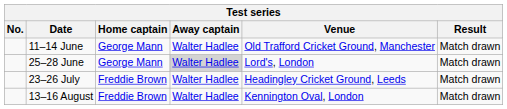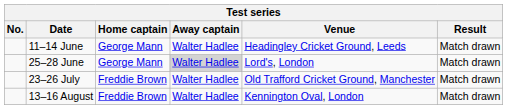 <table class="wikitable">
 <tr>
 <th colspan="9">Test series</th>
 </tr>
 <tr>
 <th>No.</th>
 <th>Date</th>
 <th>Home captain</th>
 <th>Away captain</th>
 <th>Venue</th>
 <th>Result</th>
 </tr>
 <tr>
 <td></td>
 <td>11–14 June</td>
 <td><a href='#'>George Mann</a></td>
 <td><a href='#'>Walter Hadlee</a></td>
-<td><a href='#'>Old Trafford Cricket Ground</a>, <a href='#'>Manchester</a></td>
+<td><a href='#'>Headingley Cricket Ground</a>, <a href='#'>Leeds</a></td>
 <td>Match drawn</td>
 </tr>
 <tr>
 <td></td>
 <td>25–28 June</td>
 <td><a href='#'>George Mann</a></td>
 <td style="background: lightgrey;"><a href='#'>Walter Hadlee</a></td>
 <td><a href='#'>Lord's</a>, <a href='#'>London</a></td>
 <td>Match drawn</td>
 </tr>
 <tr>
 <td></td>
 <td>23–26 July</td>
 <td><a href='#'>Freddie Brown</a></td>
 <td><a href='#'>Walter Hadlee</a></td>
-<td><a href='#'>Headingley Cricket Ground</a>, <a href='#'>Leeds</a></td>
+<td><a href='#'>Old Trafford Cricket Ground</a>, <a href='#'>Manchester</a></td>
 <td>Match drawn</td>
 </tr>
 <tr>
 <td></td>
 <td>13–16 August</td>
 <td><a href='#'>Freddie Brown</a></td>
 <td><a href='#'>Walter Hadlee</a></td>
 <td><a href='#'>Kennington Oval</a>, <a href='#'>London</a></td>
 <td>Match drawn</td>
 </tr>
 </table>
